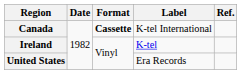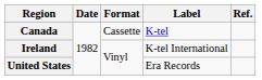 <table class="wikitable plainrowheaders">
 <tr>
 <th scope="col">Region</th>
 <th scope="col">Date</th>
 <th scope="col">Format</th>
 <th scope="col">Label</th>
 <th scope="col">Ref.</th>
 </tr>
 <tr>
 <th scope="row">Canada</th>
 <td rowspan="3">1982</td>
-<td><strong>Cassette</strong></td>
-<td>K-tel International</td>
+<td>Cassette</td>
+<td><a href='#'>K-tel</a></td>
 <td></td>
 </tr>
 <tr>
 <th scope="row">Ireland</th>
 <td rowspan="2">Vinyl</td>
-<td><a href='#'>K-tel</a></td>
+<td>K-tel International</td>
 <td></td>
 </tr>
 <tr>
 <th scope="row">United States</th>
 <td>Era Records</td>
 <td></td>
 </tr>
 </table>
